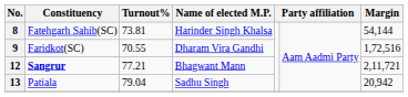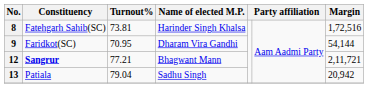 <table class="sortable wikitable" style="font-size: 95%;" style="text-align:center">
 <tr>
 <th>No.</th>
 <th>Constituency</th>
 <th>Turnout%</th>
 <th>Name of elected M.P.</th>
 <th colspan="2">Party affiliation</th>
 <th>Margin</th>
 </tr>
 <tr>
 <th>8</th>
 <td><a href='#'>Fatehgarh Sahib</a>(SC)</td>
 <td>73.81 </td>
 <td><a href='#'>Harinder Singh Khalsa</a></td>
 <td rowspan=4 style="background-color: "></td>
 <td rowspan=4><a href='#'>Aam Aadmi Party</a></td>
-<td>54,144</td>
+<td>1,72,516</td>
 </tr>
 <tr>
 <th>9</th>
 <td><a href='#'>Faridkot</a>(SC)</td>
-<td>70.55 </td>
+<td>70.95 </td>
 <td><a href='#'>Dharam Vira Gandhi</a></td>
-<td>1,72,516</td>
+<td>54,144</td>
 </tr>
 <tr>
 <th>12</th>
 <td><strong><a href='#'>Sangrur</a></strong></td>
 <td>77.21 </td>
 <td><a href='#'>Bhagwant Mann</a></td>
 <td>2,11,721</td>
 </tr>
 <tr>
 <th>13</th>
 <td><a href='#'>Patiala</a></td>
 <td>79.04 </td>
 <td><a href='#'>Sadhu Singh</a></td>
 <td>20,942</td>
 </tr>
 <tr>
 </tr>
 </table>
